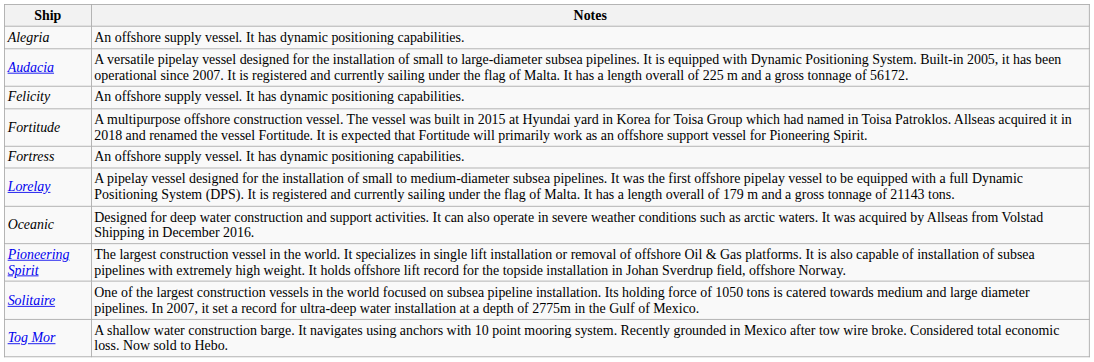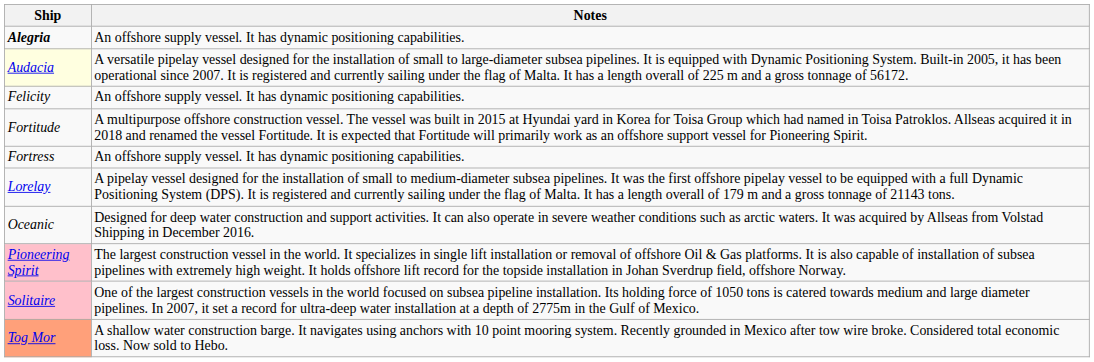 <table class="wikitable">
 <tr>
 <th>Ship</th>
 <th>Notes</th>
 </tr>
 <tr>
-<td><em>Alegria</em></td>
+<td><strong><em>Alegria</em></strong></td>
 <td>An offshore supply vessel<em>.</em> It has dynamic positioning capabilities.</td>
 </tr>
 <tr>
-<td><em><a href='#'>Audacia</a></em></td>
+<td style="background: lightyellow;"><em><a href='#'>Audacia</a></em></td>
 <td>A versatile pipelay vessel designed for the installation of small to large-diameter subsea pipelines. It is equipped with Dynamic Positioning System. Built-in 2005, it has been operational since 2007. It is registered and currently sailing under the flag of Malta. It has a length overall of 225 m and a gross tonnage of 56172.</td>
 </tr>
 <tr>
 <td><em>Felicity</em></td>
 <td>An offshore supply vessel<em>.</em> It has dynamic positioning capabilities.</td>
 </tr>
 <tr>
 <td><em>Fortitude</em></td>
 <td>A multipurpose offshore construction vessel. The vessel was built in 2015 at Hyundai yard in Korea for Toisa Group which had named in Toisa Patroklos. Allseas acquired it in 2018 and renamed the vessel Fortitude. It is expected that Fortitude will primarily work as an offshore support vessel for Pioneering Spirit.</td>
 </tr>
 <tr>
 <td><em>Fortress</em></td>
 <td>An offshore supply vessel<em>.</em> It has dynamic positioning capabilities.</td>
 </tr>
 <tr>
 <td><em><a href='#'>Lorelay</a></em></td>
 <td>A pipelay vessel designed for the installation of small to medium-diameter subsea pipelines. It was the first offshore pipelay vessel to be equipped with a full Dynamic Positioning System (DPS). It is registered and currently sailing under the flag of Malta. It has a length overall of 179 m and a gross tonnage of 21143 tons.</td>
 </tr>
 <tr>
 <td><em>Oceanic</em></td>
 <td>Designed for deep water construction and support activities. It can also operate in severe weather conditions such as arctic waters. It was acquired by Allseas from Volstad Shipping in December 2016.</td>
 </tr>
 <tr>
-<td><em><a href='#'>Pioneering Spirit</a></em></td>
+<td style="background: pink;"><em><a href='#'>Pioneering Spirit</a></em></td>
 <td>The largest construction vessel in the world. It specializes in single lift installation or removal of offshore Oil & Gas platforms. It is also capable of installation of subsea pipelines with extremely high weight. It holds offshore lift record for the topside installation in Johan Sverdrup field, offshore Norway.</td>
 </tr>
 <tr>
-<td><em><a href='#'>Solitaire</a></em></td>
+<td style="background: pink;"><em><a href='#'>Solitaire</a></em></td>
 <td>One of the largest construction vessels in the world focused on subsea pipeline installation. Its holding force of 1050 tons is catered towards medium and large diameter pipelines. In 2007, it set a record for ultra-deep water installation at a depth of 2775m in the Gulf of Mexico.</td>
 </tr>
 <tr>
-<td><em><a href='#'>Tog Mor</a></em></td>
+<td style="background: lightsalmon;"><em><a href='#'>Tog Mor</a></em></td>
 <td>A shallow water construction barge. It navigates using anchors with 10 point mooring system. Recently grounded in Mexico after tow wire broke. Considered total economic loss. Now sold to Hebo. </td>
 </tr>
 </table>
